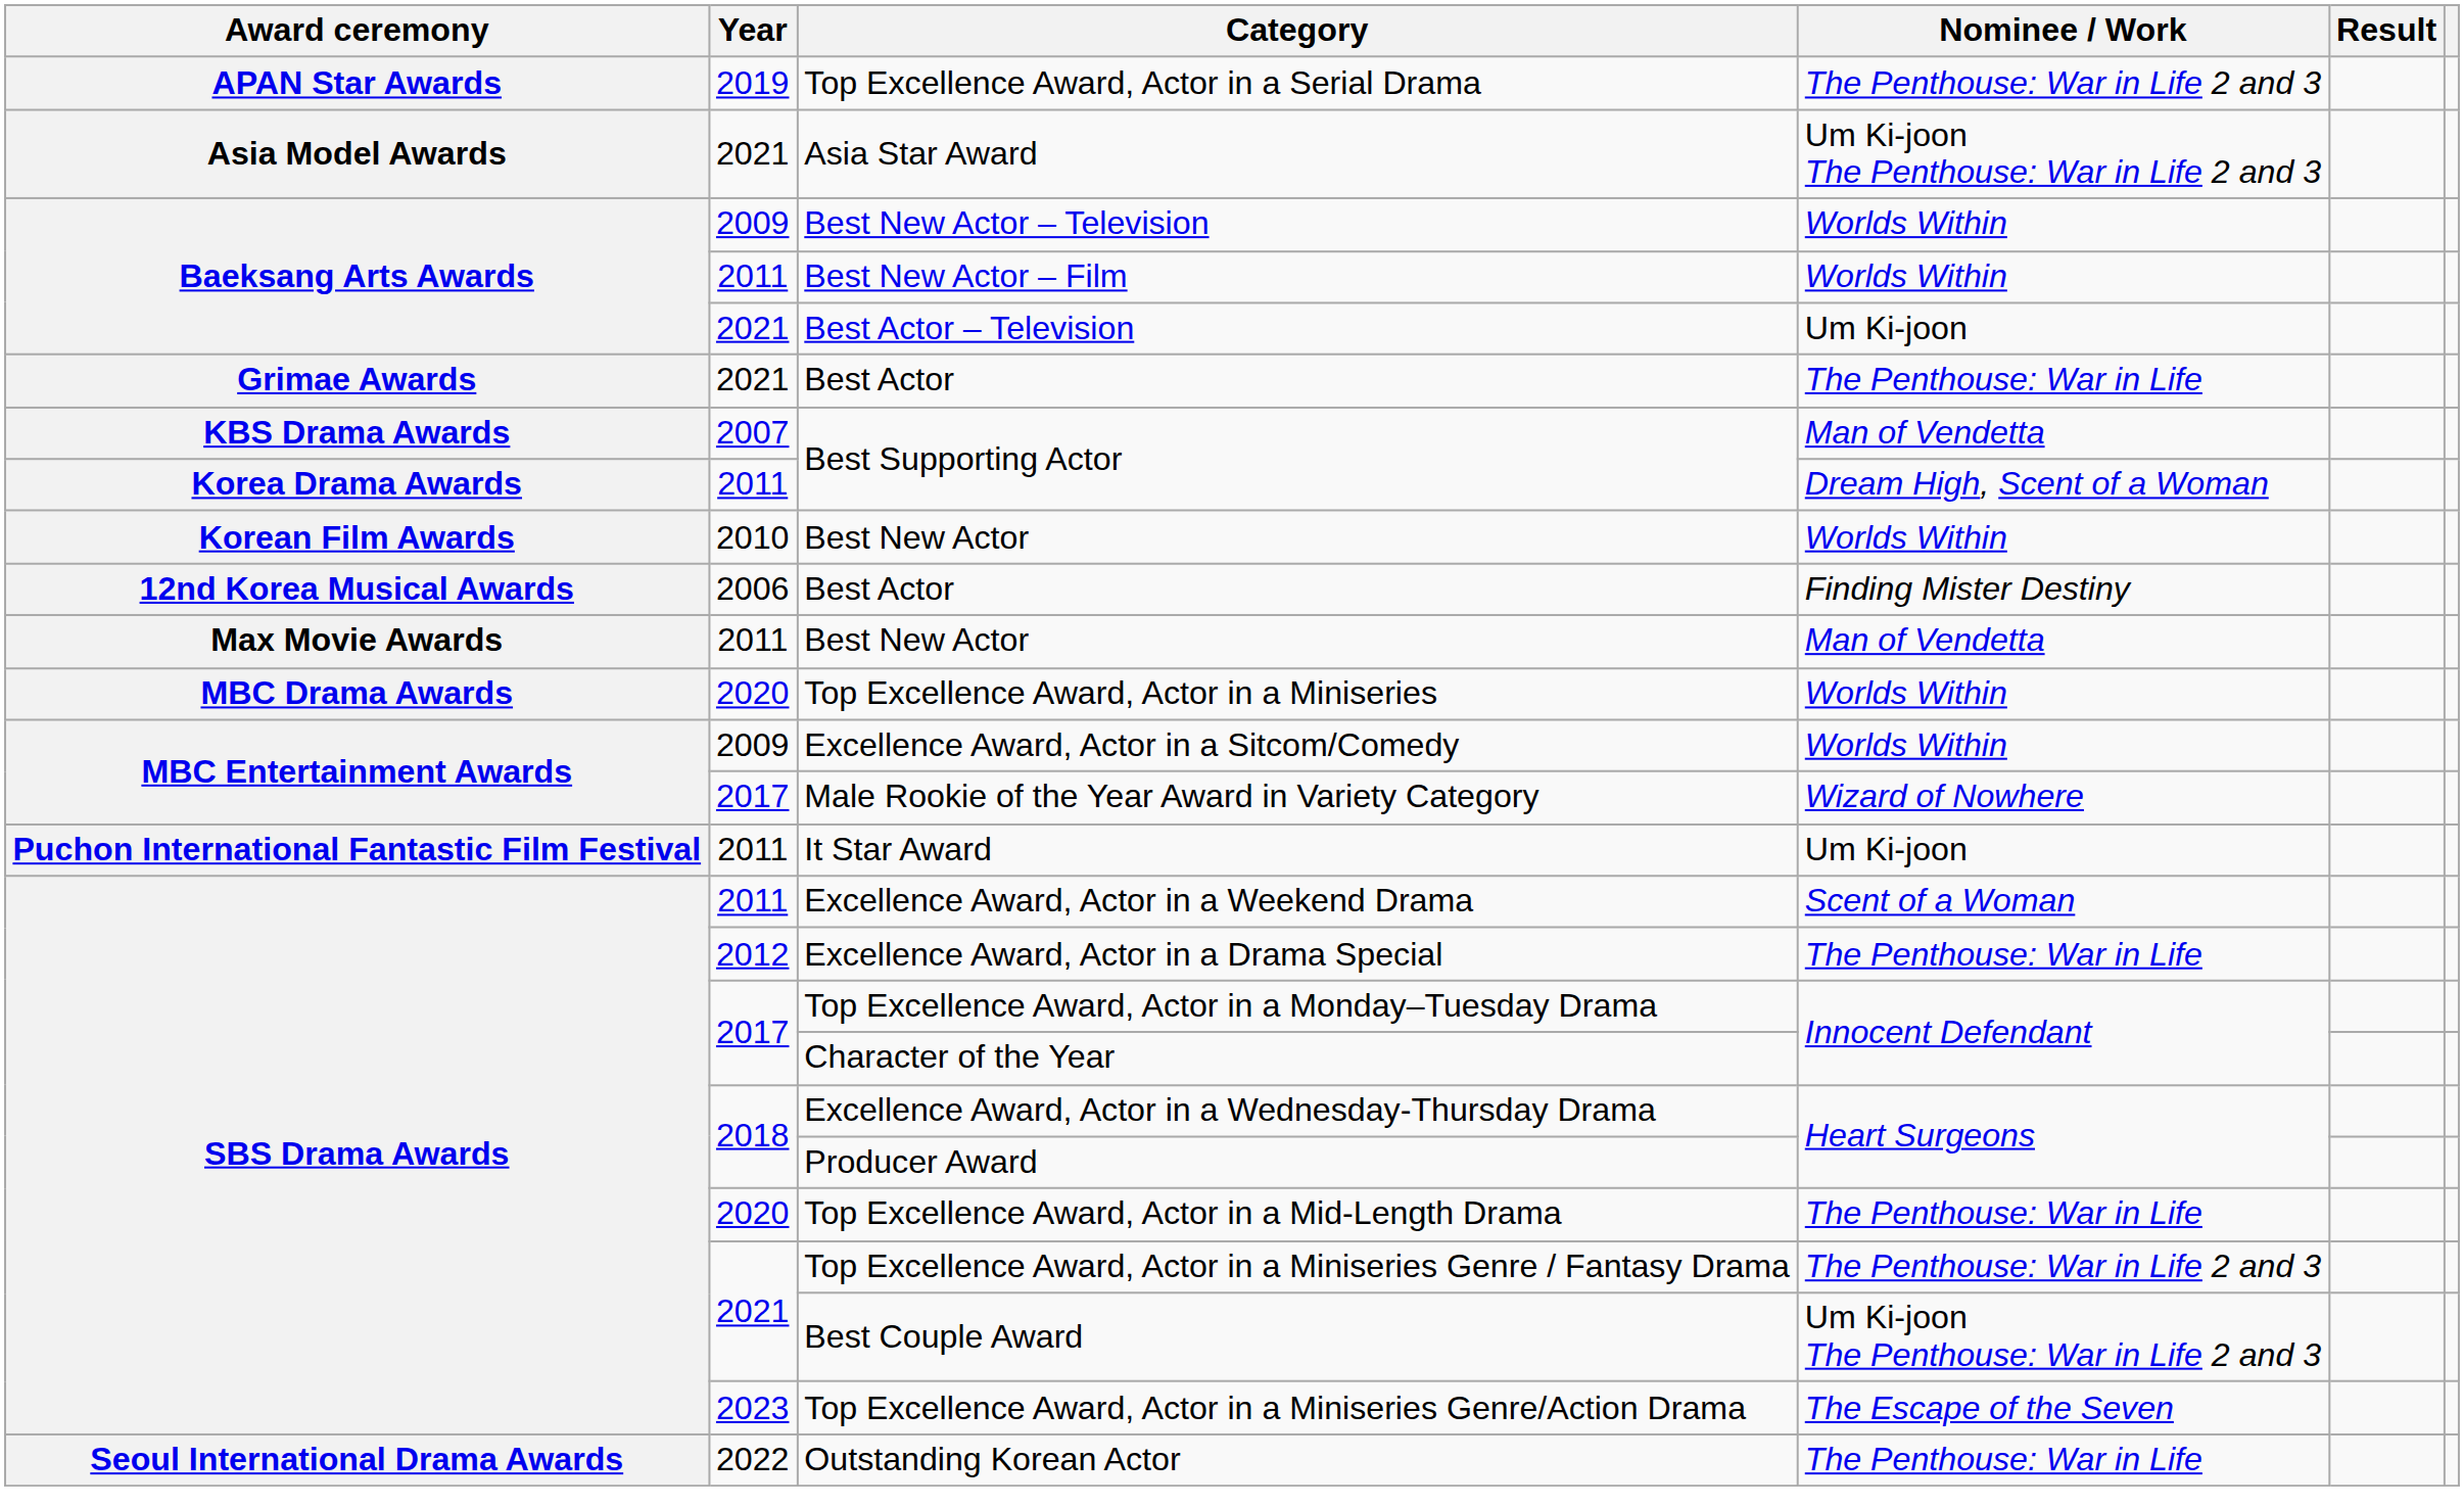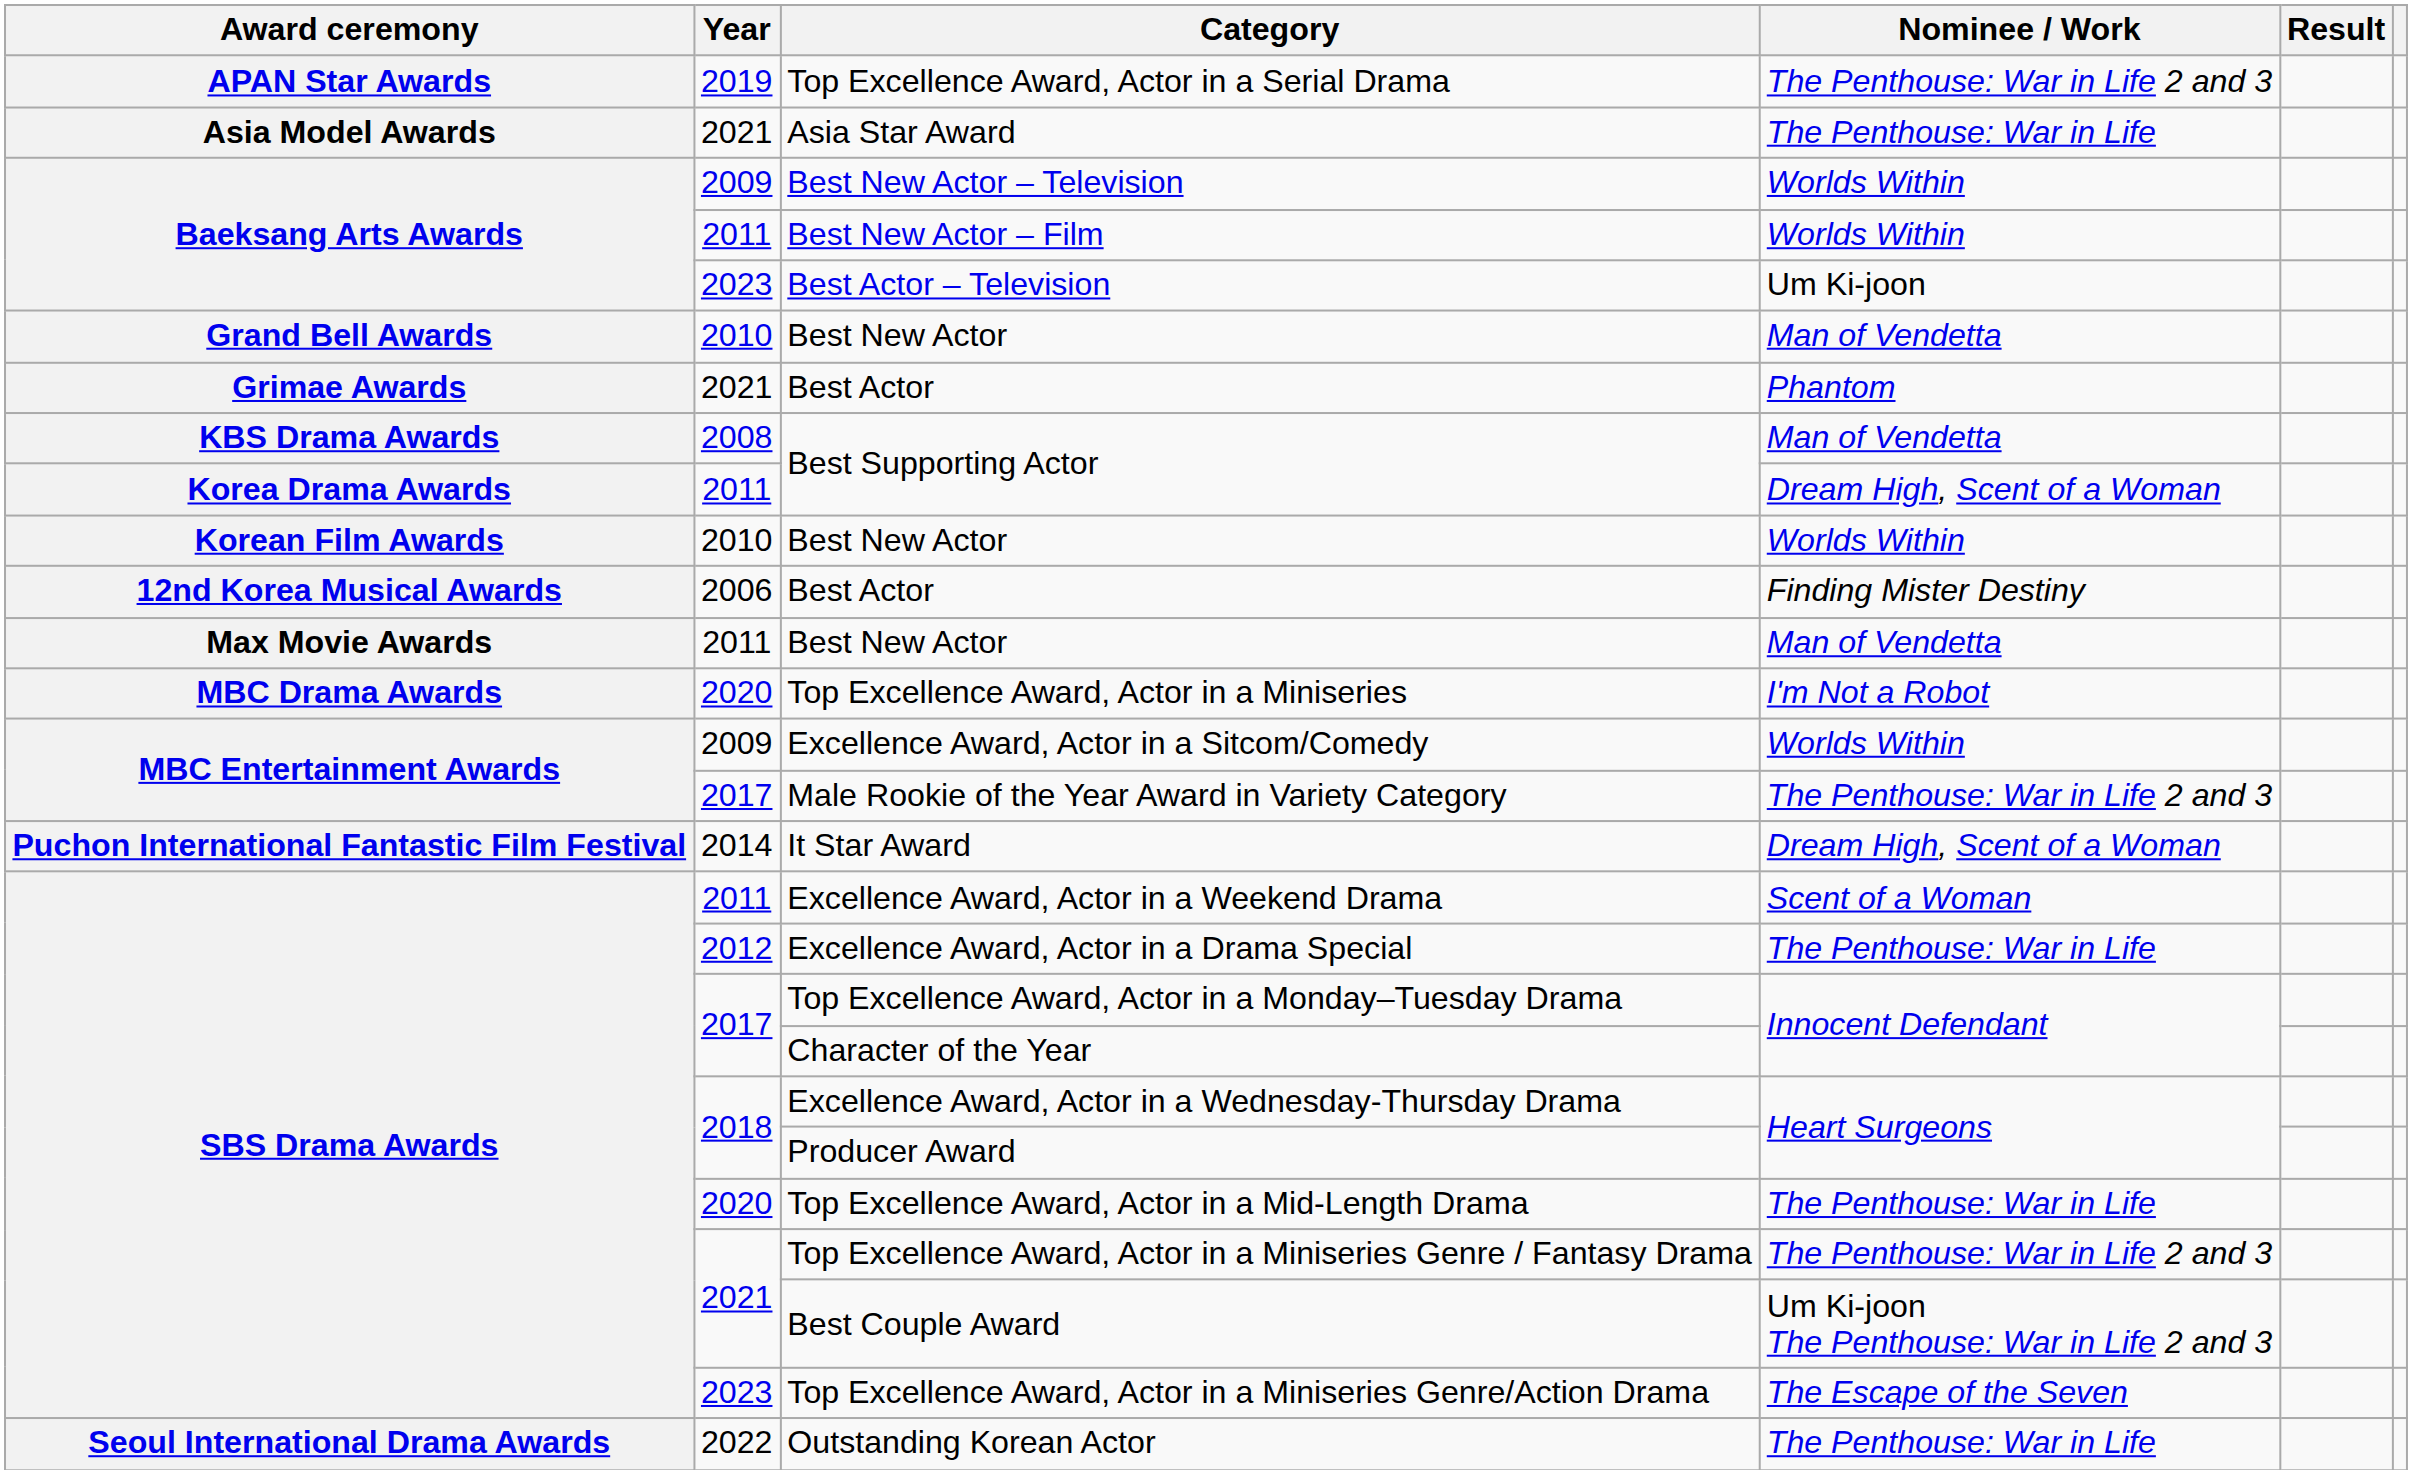 <table class="wikitable plainrowheaders sortable">
 <tr>
 <th scope="col">Award ceremony</th>
 <th scope="col">Year</th>
 <th scope="col">Category</th>
 <th scope="col">Nominee / Work</th>
 <th scope="col">Result</th>
 <th scope="col" class="unsortable"></th>
 </tr>
 <tr>
 <th scope="row"><a href='#'>APAN Star Awards</a></th>
 <td style="text-align:center"><a href='#'>2019</a></td>
 <td>Top Excellence Award, Actor in a Serial Drama</td>
 <td><em><a href='#'>The Penthouse: War in Life</a> 2 and 3</em></td>
 <td></td>
 <td style="text-align:center"></td>
 </tr>
 <tr>
 <th scope="row">Asia Model Awards</th>
 <td style="text-align:center">2021</td>
 <td>Asia Star Award</td>
-<td>Um Ki-joon <br><em><a href='#'>The Penthouse: War in Life</a> 2 and 3</em></td>
+<td><em><a href='#'>The Penthouse: War in Life</a></em></td>
 <td></td>
 <td style="text-align:center"></td>
 </tr>
 <tr>
 <th scope="row"  rowspan="3"><a href='#'>Baeksang Arts Awards</a></th>
 <td style="text-align:center"><a href='#'>2009</a></td>
 <td><a href='#'>Best New Actor – Television</a></td>
 <td><em><a href='#'>Worlds Within</a></em></td>
 <td></td>
 <td style="text-align:center"></td>
 </tr>
 <tr>
 <td style="text-align:center"><a href='#'>2011</a></td>
 <td><a href='#'>Best New Actor – Film</a></td>
 <td><em><a href='#'>Worlds Within</a></em></td>
 <td></td>
 <td></td>
 </tr>
 <tr>
-<td style="text-align:center"><a href='#'>2021</a></td>
+<td style="text-align:center"><a href='#'>2023</a></td>
 <td><a href='#'>Best Actor – Television</a></td>
 <td>Um Ki-joon</td>
 <td></td>
 <td style="text-align:center"></td>
 </tr>
 <tr>
+<th scope="row"><a href='#'>Grand Bell Awards</a></th>
+<td style="text-align:center"><a href='#'>2010</a></td>
+<td>Best New Actor</td>
+<td><em><a href='#'>Man of Vendetta</a></em></td>
+<td></td>
+<td></td>
+</tr>
+<tr>
 <th scope="row"><a href='#'>Grimae Awards</a></th>
 <td style="text-align:center">2021</td>
 <td>Best Actor</td>
-<td><em><a href='#'>The Penthouse: War in Life</a></em></td>
+<td><em><a href='#'>Phantom</a></em></td>
 <td></td>
 <td style="text-align:center"></td>
 </tr>
 <tr>
 <th scope="row"><a href='#'>KBS Drama Awards</a></th>
-<td style="text-align:center"><a href='#'>2007</a></td>
+<td style="text-align:center"><a href='#'>2008</a></td>
 <td rowspan="2">Best Supporting Actor</td>
 <td><em><a href='#'>Man of Vendetta</a></em></td>
 <td></td>
 <td></td>
 </tr>
 <tr>
 <th scope="row"><a href='#'>Korea Drama Awards</a></th>
 <td style="text-align:center"><a href='#'>2011</a></td>
 <td><em><a href='#'>Dream High</a>, <a href='#'>Scent of a Woman</a></em></td>
 <td></td>
 <td></td>
 </tr>
 <tr>
 <th scope="row"><a href='#'>Korean Film Awards</a></th>
 <td style="text-align:center" rowspan="1">2010</td>
 <td>Best New Actor</td>
 <td><em><a href='#'>Worlds Within</a></em></td>
 <td></td>
 <td></td>
 </tr>
 <tr>
 <th scope="row"><a href='#'>12nd Korea Musical Awards</a></th>
 <td style="text-align:center">2006</td>
 <td>Best Actor</td>
 <td><em>Finding Mister Destiny</em></td>
 <td></td>
 <td></td>
 </tr>
 <tr>
 <th scope="row">Max Movie Awards</th>
 <td style="text-align:center">2011</td>
 <td>Best New Actor</td>
 <td><em><a href='#'>Man of Vendetta</a></em></td>
 <td></td>
 <td></td>
 </tr>
 <tr>
 <th scope="row"><a href='#'>MBC Drama Awards</a></th>
 <td style="text-align:center"><a href='#'>2020</a></td>
 <td>Top Excellence Award, Actor in a Miniseries</td>
-<td><em><a href='#'>Worlds Within</a></em></td>
+<td><em><a href='#'>I'm Not a Robot</a></em></td>
 <td></td>
 <td></td>
 </tr>
 <tr>
 <th scope="row"  rowspan="2"><a href='#'>MBC Entertainment Awards</a></th>
 <td style="text-align:center">2009</td>
 <td>Excellence Award, Actor in a Sitcom/Comedy</td>
 <td><em><a href='#'>Worlds Within</a></em></td>
 <td></td>
 <td></td>
 </tr>
 <tr>
 <td style="text-align:center"><a href='#'>2017</a></td>
 <td>Male Rookie of the Year Award in Variety Category</td>
-<td><em><a href='#'>Wizard of Nowhere</a></em></td>
+<td><em><a href='#'>The Penthouse: War in Life</a> 2 and 3</em></td>
 <td></td>
 <td></td>
 </tr>
 <tr>
 <th scope="row"><a href='#'>Puchon International Fantastic Film Festival</a></th>
-<td style="text-align:center">2011</td>
+<td style="text-align:center">2014</td>
 <td>It Star Award</td>
-<td>Um Ki-joon</td>
+<td><em><a href='#'>Dream High</a>, <a href='#'>Scent of a Woman</a></em></td>
 <td></td>
 <td style="text-align:center"></td>
 </tr>
 <tr>
 <th scope="row"  rowspan="10"><a href='#'>SBS Drama Awards</a></th>
 <td style="text-align:center"><a href='#'>2011</a></td>
 <td>Excellence Award, Actor in a Weekend Drama</td>
 <td><em><a href='#'>Scent of a Woman</a></em></td>
 <td></td>
 <td style="text-align:center"></td>
 </tr>
 <tr>
 <td style="text-align:center"><a href='#'>2012</a></td>
 <td>Excellence Award, Actor in a Drama Special</td>
 <td><em><a href='#'>The Penthouse: War in Life</a></em></td>
 <td></td>
 <td></td>
 </tr>
 <tr>
 <td rowspan="2" style="text-align:center"><a href='#'>2017</a></td>
 <td>Top Excellence Award, Actor in a Monday–Tuesday Drama</td>
 <td rowspan="2"><em><a href='#'>Innocent Defendant</a></em></td>
 <td></td>
 <td></td>
 </tr>
 <tr>
 <td>Character of the Year</td>
 <td></td>
 <td></td>
 </tr>
 <tr>
 <td rowspan="2" style="text-align:center"><a href='#'>2018</a></td>
 <td>Excellence Award, Actor in a Wednesday-Thursday Drama</td>
 <td rowspan="2"><em><a href='#'>Heart Surgeons</a></em></td>
 <td></td>
 <td style="text-align:center"></td>
 </tr>
 <tr>
 <td>Producer Award</td>
 <td></td>
 <td style="text-align:center"></td>
 </tr>
 <tr>
 <td style="text-align:center"><a href='#'>2020</a></td>
 <td>Top Excellence Award, Actor in a Mid-Length Drama</td>
 <td><em><a href='#'>The Penthouse: War in Life</a></em></td>
 <td></td>
 <td style="text-align:center"></td>
 </tr>
 <tr>
 <td rowspan="2" style="text-align:center"><a href='#'>2021</a></td>
 <td>Top Excellence Award, Actor in a Miniseries Genre / Fantasy Drama</td>
 <td><em><a href='#'>The Penthouse: War in Life</a> 2 and 3</em></td>
 <td></td>
 <td style="text-align:center"></td>
 </tr>
 <tr>
 <td>Best Couple Award</td>
 <td>Um Ki-joon <br><em><a href='#'>The Penthouse: War in Life</a> 2 and 3</em></td>
 <td></td>
 <td style="text-align:center"></td>
 </tr>
 <tr>
 <td style="text-align:center"><a href='#'>2023</a></td>
 <td>Top Excellence Award, Actor in a Miniseries Genre/Action Drama</td>
 <td><em><a href='#'>The Escape of the Seven</a></em></td>
 <td></td>
 <td style="text-align:center"></td>
 </tr>
 <tr>
 <th scope="row"><a href='#'>Seoul International Drama Awards</a></th>
 <td style="text-align:center">2022</td>
 <td>Outstanding Korean Actor</td>
 <td><em><a href='#'>The Penthouse: War in Life</a></em></td>
 <td></td>
 <td style="text-align:center"></td>
 </tr>
 </table>
